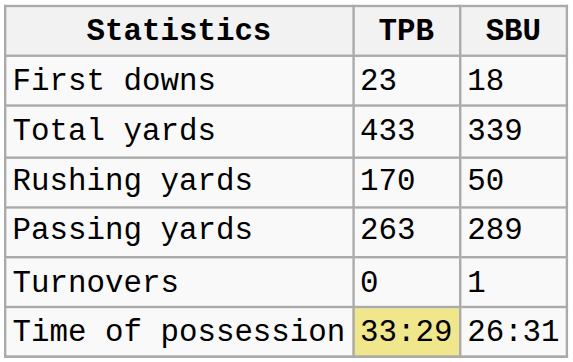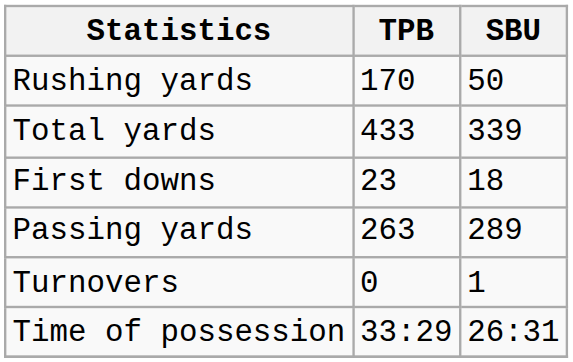 <table class="wikitable" style="float: left;">
 <tr>
 <th>Statistics</th>
 <th>TPB</th>
 <th>SBU</th>
 </tr>
 <tr>
-<td>First downs</td>
-<td>23</td>
-<td>18</td>
+<td>Rushing yards</td>
+<td>170</td>
+<td>50</td>
 </tr>
 <tr>
 <td>Total yards</td>
 <td>433</td>
 <td>339</td>
 </tr>
 <tr>
-<td>Rushing yards</td>
-<td>170</td>
-<td>50</td>
+<td>First downs</td>
+<td>23</td>
+<td>18</td>
 </tr>
 <tr>
 <td>Passing yards</td>
 <td>263</td>
 <td>289</td>
 </tr>
 <tr>
 <td>Turnovers</td>
 <td>0</td>
 <td>1</td>
 </tr>
 <tr>
 <td>Time of possession</td>
-<td style="background: khaki;">33:29</td>
+<td>33:29</td>
 <td>26:31</td>
 </tr>
 <tr>
 </tr>
 </table>
